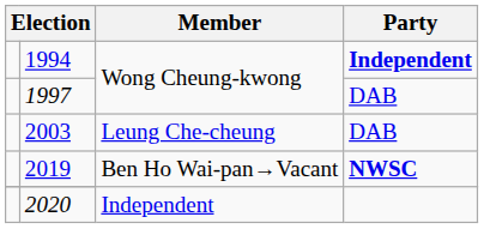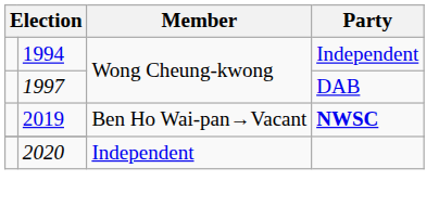 <table class="wikitable">
 <tr>
 <th colspan="2">Election</th>
 <th>Member</th>
 <th>Party</th>
 </tr>
 <tr>
 <td style="background-color: "></td>
 <td><a href='#'>1994</a></td>
 <td rowspan=2>Wong Cheung-kwong</td>
-<td><strong><a href='#'>Independent</a></strong></td>
+<td><a href='#'>Independent</a></td>
 </tr>
 <tr>
 <td style="background-color: "></td>
 <td><em>1997</em></td>
-<td><a href='#'>DAB</a></td>
-</tr>
-<tr>
-<td style="background-color: "></td>
-<td><a href='#'>2003</a></td>
-<td><a href='#'>Leung Che-cheung</a></td>
 <td><a href='#'>DAB</a></td>
 </tr>
 <tr>
 <td style="background-color: "></td>
 <td><a href='#'>2019</a></td>
 <td rowspan=2>Ben Ho Wai-pan→Vacant</td>
 <td><strong><a href='#'>NWSC</a></strong></td>
 </tr>
 <tr>
 </tr>
 <tr>
 <td style="background-color: "></td>
 <td><em>2020</em></td>
 <td><a href='#'>Independent</a></td>
 </tr>
 </table>
